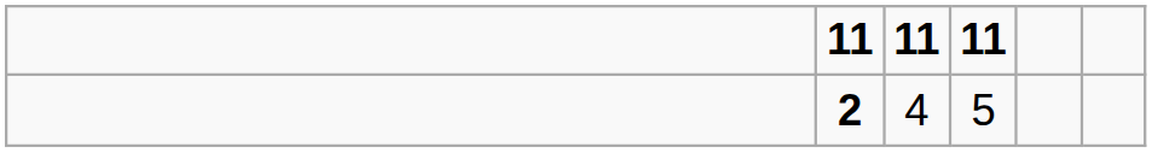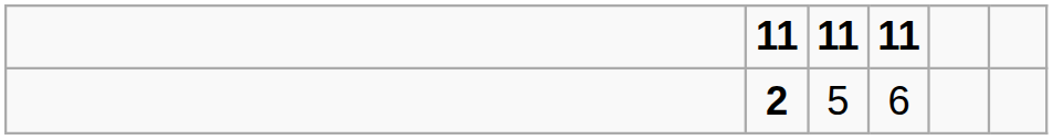 <table class="wikitable">
 <tr>
 <td style="width:18em"><strong></strong></td>
 <td align=center style="width:1em"><strong>11</strong></td>
 <td align=center style="width:1em"><strong>11</strong></td>
 <td align=center style="width:1em"><strong>11</strong></td>
 <td align=center style="width:1em"></td>
 <td align=center style="width:1em"></td>
 </tr>
 <tr>
 <td style="width:18em"></td>
 <td align=center style="width:1em"><strong>2</strong></td>
-<td align=center style="width:1em">4</td>
 <td align=center style="width:1em">5</td>
+<td align=center style="width:1em">6</td>
 <td align=center style="width:1em"></td>
 <td align=center style="width:1em"></td>
 </tr>
 </table>
